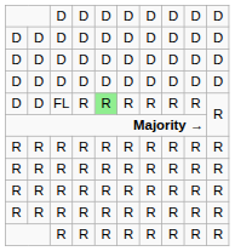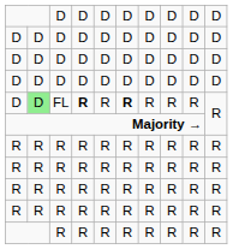 <table class="wikitable" style="text-align:center">
 <tr>
 <td colspan="2"> </td>
 <td>D</td>
 <td>D</td>
 <td>D</td>
 <td>D</td>
 <td>D</td>
 <td>D</td>
 <td>D</td>
 <td>D</td>
 </tr>
 <tr>
 <td width="10%" >D</td>
 <td width="10%" >D</td>
 <td width="10%" >D</td>
 <td width="10%" >D</td>
 <td width="10%" >D</td>
 <td width="10%" >D</td>
 <td width="10%" >D</td>
 <td width="10%" >D</td>
 <td width="10%" >D</td>
 <td width="10%" >D</td>
 </tr>
 <tr>
 <td>D</td>
 <td>D</td>
 <td>D</td>
 <td>D</td>
 <td>D</td>
 <td>D</td>
 <td>D</td>
 <td>D</td>
 <td>D</td>
 <td>D</td>
 </tr>
 <tr>
 <td>D<br></td>
 <td>D<br></td>
 <td>D<br></td>
 <td>D<br></td>
 <td>D<br></td>
 <td>D<br></td>
 <td>D<br></td>
 <td>D<br></td>
 <td>D<br></td>
 <td>D<br></td>
 </tr>
 <tr>
 <td>D<br></td>
-<td>D<br></td>
+<td style="background: lightgreen;">D<br></td>
 <td>FL</td>
+<td><strong>R<br></strong></td>
 <td>R<br></td>
-<td style="background: lightgreen;">R<br></td>
-<td>R<br></td>
+<td><strong>R<br></strong></td>
 <td>R<br></td>
 <td>R<br></td>
 <td>R<br></td>
 <td rowspan="2" >R<br></td>
 </tr>
 <tr>
 <td colspan="9" align="right"><strong>Majority →</strong></td>
 </tr>
 <tr>
 <td>R<br></td>
 <td>R<br></td>
 <td>R<br></td>
 <td>R<br></td>
 <td>R<br></td>
 <td>R<br></td>
 <td>R<br></td>
 <td>R<br></td>
 <td>R<br></td>
 <td>R<br></td>
 </tr>
 <tr>
 <td>R<br></td>
 <td>R<br></td>
 <td>R<br></td>
 <td>R<br></td>
 <td>R<br></td>
 <td>R</td>
 <td>R</td>
 <td>R</td>
 <td>R</td>
 <td>R</td>
 </tr>
 <tr>
 <td>R</td>
 <td>R</td>
 <td>R</td>
 <td>R</td>
 <td>R</td>
 <td>R</td>
 <td>R</td>
 <td>R</td>
 <td>R</td>
 <td>R</td>
 </tr>
 <tr>
 <td>R</td>
 <td>R</td>
 <td>R</td>
 <td>R</td>
 <td>R</td>
 <td>R</td>
 <td>R</td>
 <td>R</td>
 <td>R</td>
 <td>R</td>
 </tr>
 <tr>
 <td colspan="2"></td>
 <td>R</td>
 <td>R</td>
 <td>R</td>
 <td>R</td>
 <td>R</td>
 <td>R</td>
 <td>R</td>
 <td>R</td>
 </tr>
 </table>
